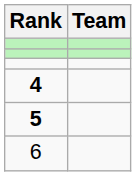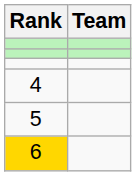 <table class=wikitable style="text-align:center;">
 <tr>
 <th>Rank</th>
 <th>Team</th>
 </tr>
 <tr bgcolor=bbf3bb>
 <td></td>
 <td align=left></td>
 </tr>
 <tr bgcolor=bbf3bb>
 <td></td>
 <td align=left></td>
 </tr>
 <tr>
 <td></td>
 <td align=left></td>
 </tr>
 <tr>
-<td><strong>4</strong></td>
+<td>4</td>
 <td align=left></td>
 </tr>
 <tr>
-<td><strong>5</strong></td>
+<td>5</td>
 <td align=left></td>
 </tr>
 <tr>
-<td>6</td>
+<td style="background: gold;">6</td>
 <td align=left></td>
 </tr>
 </table>
